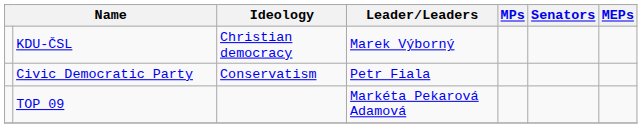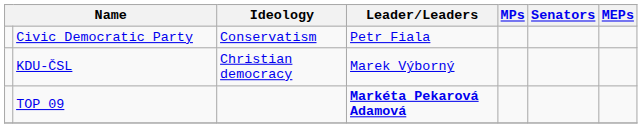 <table class="wikitable" style="font-size:100%;">
 <tr>
 <th colspan="2" style="width:200px">Name</th>
 <th style="width:120px">Ideology</th>
 <th style="width:140px">Leader/Leaders</th>
 <th><a href='#'>MPs</a></th>
 <th><a href='#'>Senators</a></th>
 <th><a href='#'>MEPs</a></th>
+</tr>
+<tr>
+<td style="width:2px;background:"></td>
+<td><a href='#'>Civic Democratic Party</a></td>
+<td><a href='#'>Conservatism</a></td>
+<td><a href='#'>Petr Fiala</a></td>
+<td></td>
+<td></td>
+<td></td>
 </tr>
 <tr>
 <td style="width:2px;background:"></td>
 <td><a href='#'>KDU-ČSL</a></td>
 <td><a href='#'>Christian democracy</a></td>
 <td><a href='#'>Marek Výborný</a></td>
 <td></td>
 <td></td>
 <td></td>
 </tr>
 <tr>
 <td style="width:2px;background:"></td>
-<td><a href='#'>Civic Democratic Party</a></td>
-<td><a href='#'>Conservatism</a></td>
-<td><a href='#'>Petr Fiala</a></td>
-<td></td>
-<td></td>
-<td></td>
-</tr>
-<tr>
-<td style="width:2px;background:"></td>
 <td><a href='#'>TOP 09</a></td>
 <td></td>
-<td><a href='#'>Markéta Pekarová Adamová</a></td>
+<td><strong><a href='#'>Markéta Pekarová Adamová</a></strong></td>
 <td></td>
 <td></td>
 <td></td>
 </tr>
 <tr>
 </tr>
 </table>
